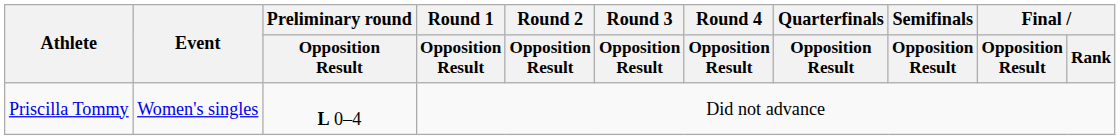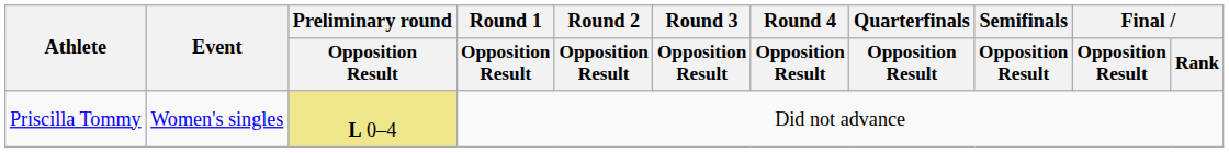 <table class="wikitable" border="1" style="font-size:90%">
 <tr>
 <th rowspan="2">Athlete</th>
 <th rowspan="2">Event</th>
 <th>Preliminary round</th>
 <th>Round 1</th>
 <th>Round 2</th>
 <th>Round 3</th>
 <th>Round 4</th>
 <th>Quarterfinals</th>
 <th>Semifinals</th>
 <th colspan=2>Final / </th>
 </tr>
 <tr style="font-size:95%">
 <th>Opposition<br>Result</th>
 <th>Opposition<br>Result</th>
 <th>Opposition<br>Result</th>
 <th>Opposition<br>Result</th>
 <th>Opposition<br>Result</th>
 <th>Opposition<br>Result</th>
 <th>Opposition<br>Result</th>
 <th>Opposition<br>Result</th>
 <th>Rank</th>
 </tr>
 <tr>
 <td><a href='#'>Priscilla Tommy</a></td>
 <td><a href='#'>Women's singles</a></td>
-<td align=center><br> <strong>L</strong> 0–4</td>
+<td align=center style="background: khaki;"><br> <strong>L</strong> 0–4</td>
 <td colspan=8 align=center>Did not advance</td>
 </tr>
 </table>
